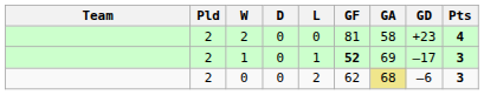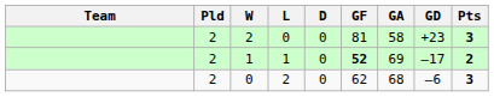 <table class="wikitable" style="text-align: center;">
 <tr>
 <th width="180">Team</th>
 <th width="30">Pld</th>
 <th width="30">W</th>
+<th width="30">L</th>
 <th width="30">D</th>
-<th width="30">L</th>
 <th width="30">GF</th>
 <th width="30">GA</th>
 <th width="30">GD</th>
 <th width="30">Pts</th>
 </tr>
 <tr bgcolor=#CCFFCC>
 <td align="left"></td>
 <td>2</td>
 <td>2</td>
 <td>0</td>
 <td>0</td>
 <td>81</td>
 <td>58</td>
 <td>+23</td>
-<td><strong>4</strong></td>
+<td><strong>3</strong></td>
 </tr>
 <tr bgcolor=#CCFFCC>
 <td align="left"></td>
 <td>2</td>
 <td>1</td>
+<td>1</td>
 <td>0</td>
-<td>1</td>
 <td><strong>52</strong></td>
 <td>69</td>
 <td>–17</td>
-<td><strong>3</strong></td>
+<td><strong>2</strong></td>
 </tr>
 <tr>
 <td align="left"></td>
 <td>2</td>
 <td>0</td>
+<td>2</td>
 <td>0</td>
-<td>2</td>
 <td>62</td>
-<td style="background: khaki;">68</td>
+<td>68</td>
 <td>–6</td>
 <td><strong>3</strong></td>
 </tr>
 </table>
